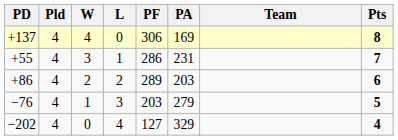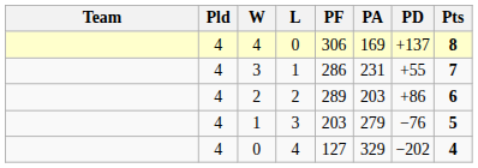 <table class=wikitable style="text-align:center">
 <tr>
-<th width=30>PD</th>
+<th width=180>Team</th>
 <th width=30>Pld</th>
 <th width=30>W</th>
 <th width=30>L</th>
 <th width=30>PF</th>
 <th width=30>PA</th>
-<th width=180>Team</th>
+<th width=30>PD</th>
 <th width=30>Pts</th>
 </tr>
 <tr align=center bgcolor="#ffffcc">
-<td>+137</td>
+<td align=left></td>
 <td>4</td>
 <td>4</td>
 <td>0</td>
 <td>306</td>
 <td>169</td>
-<td align=left></td>
+<td>+137</td>
 <td><strong>8</strong></td>
 </tr>
 <tr align=center>
-<td>+55</td>
+<td align=left></td>
 <td>4</td>
 <td>3</td>
 <td>1</td>
 <td>286</td>
 <td>231</td>
-<td align=left></td>
+<td>+55</td>
 <td><strong>7</strong></td>
 </tr>
 <tr align=center>
-<td>+86</td>
+<td align=left></td>
 <td>4</td>
 <td>2</td>
 <td>2</td>
 <td>289</td>
 <td>203</td>
-<td align=left></td>
+<td>+86</td>
 <td><strong>6</strong></td>
 </tr>
 <tr align=center>
-<td>−76</td>
+<td align=left></td>
 <td>4</td>
 <td>1</td>
 <td>3</td>
 <td>203</td>
 <td>279</td>
-<td align=left></td>
+<td>−76</td>
 <td><strong>5</strong></td>
 </tr>
 <tr align=center>
-<td>−202</td>
+<td align=left></td>
 <td>4</td>
 <td>0</td>
 <td>4</td>
 <td>127</td>
 <td>329</td>
-<td align=left></td>
+<td>−202</td>
 <td><strong>4</strong></td>
 </tr>
 </table>
